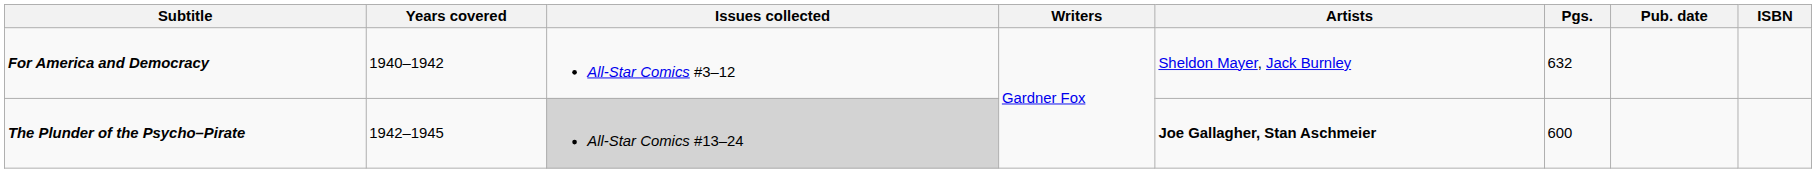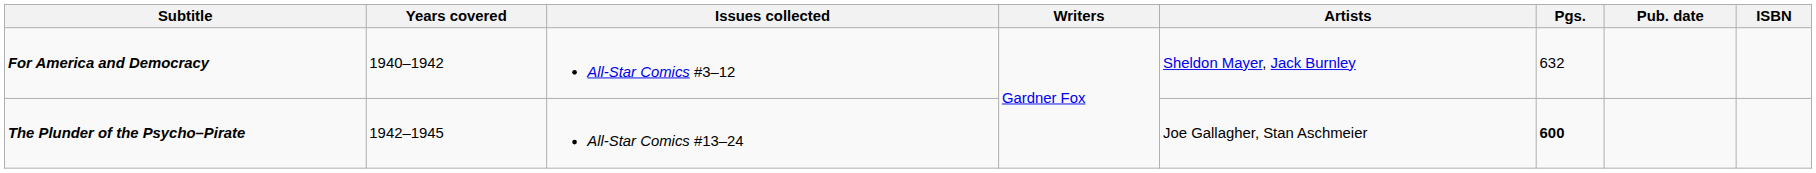 <table class="wikitable sortable" width=98%>
 <tr>
 <th class="unsortable" width="20%">Subtitle</th>
 <th width="10%">Years covered</th>
 <th width="25%">Issues collected</th>
 <th class="unsortable">Writers</th>
 <th class="unsortable">Artists</th>
 <th>Pgs.</th>
 <th>Pub. date</th>
 <th class="unsortable">ISBN</th>
 </tr>
 <tr>
 <td><strong><em>For America and Democracy</em></strong></td>
 <td>1940–1942</td>
 <td><br><ul><li><em><a href='#'>All-Star Comics</a></em> #3–12</li></ul></td>
 <td rowspan="2"><a href='#'>Gardner Fox</a></td>
 <td><a href='#'>Sheldon Mayer</a>, <a href='#'>Jack Burnley</a></td>
 <td>632</td>
 <td></td>
 <td></td>
 </tr>
 <tr>
 <td><strong><em>The Plunder of the Psycho–Pirate</em></strong></td>
 <td>1942–1945</td>
-<td style="background: lightgrey;"><br><ul><li><em>All-Star Comics</em> #13–24</li></ul></td>
-<td><strong>Joe Gallagher, Stan Aschmeier</strong></td>
-<td>600</td>
+<td><br><ul><li><em>All-Star Comics</em> #13–24</li></ul></td>
+<td>Joe Gallagher, Stan Aschmeier</td>
+<td><strong>600</strong></td>
 <td></td>
 <td></td>
 </tr>
 </table>
